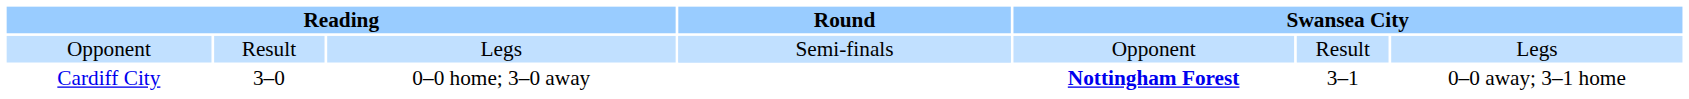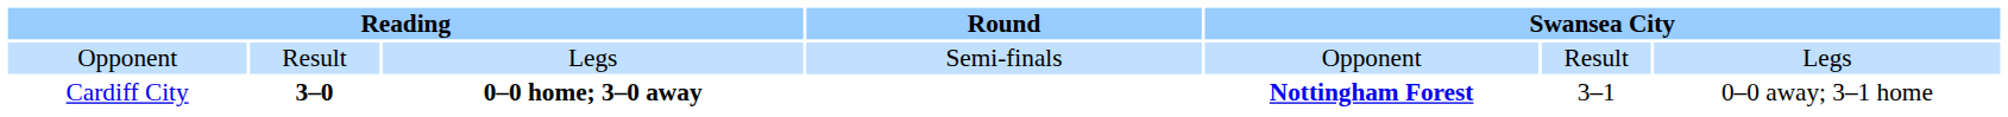 <table width="100%" bgcolor=white>
 <tr valign=top bgcolor=#99ccff>
 <th colspan=3 style="width:40%"><strong>Reading</strong></th>
 <th width=20%><strong>Round</strong></th>
 <th colspan=3 style="width:40%"><strong>Swansea City</strong></th>
 </tr>
 <tr valign=top align="center" bgcolor=#c1e0ff>
 <td>Opponent</td>
 <td>Result</td>
 <td>Legs</td>
 <td bgcolor=#c1e0ff>Semi-finals</td>
 <td>Opponent</td>
 <td>Result</td>
 <td>Legs</td>
 </tr>
 <tr align="center">
 <td><a href='#'>Cardiff City</a></td>
-<td>3–0</td>
-<td>0–0 home; 3–0 away</td>
+<td><strong>3–0</strong></td>
+<td><strong>0–0 home; 3–0 away</strong></td>
 <td></td>
 <td><strong><a href='#'>Nottingham Forest</a></strong></td>
 <td>3–1</td>
 <td>0–0 away; 3–1 home</td>
 </tr>
 </table>
